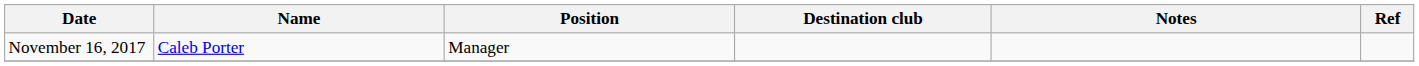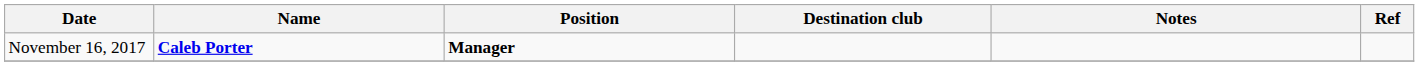 <table class="wikitable" style="text-align:left; font-size:95%;">
 <tr>
 <th style="width:125px;">Date</th>
 <th style="width:250px;">Name</th>
 <th style="width:250px;">Position</th>
 <th style="width:220px;">Destination club</th>
 <th style="width:320px;">Notes</th>
 <th style="width:40px;">Ref</th>
 </tr>
 <tr>
 <td>November 16, 2017</td>
-<td> <a href='#'>Caleb Porter</a></td>
-<td>Manager</td>
+<td><strong> <a href='#'>Caleb Porter</a></strong></td>
+<td><strong>Manager</strong></td>
 <td style="text-align:center;"></td>
 <td></td>
 <td></td>
 </tr>
 <tr>
 </tr>
 </table>
